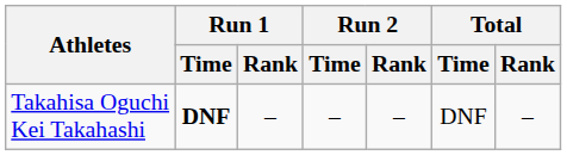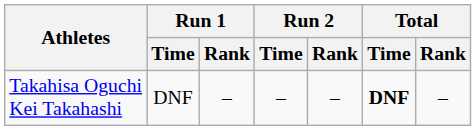 <table class="wikitable" border="1" style="font-size:90%">
 <tr>
 <th rowspan="2">Athletes</th>
 <th colspan="2">Run 1</th>
 <th colspan="2">Run 2</th>
 <th colspan="2">Total</th>
 </tr>
 <tr>
 <th>Time</th>
 <th>Rank</th>
 <th>Time</th>
 <th>Rank</th>
 <th>Time</th>
 <th>Rank</th>
 </tr>
 <tr>
 <td><a href='#'>Takahisa Oguchi</a><br><a href='#'>Kei Takahashi</a></td>
-<td align="center"><strong>DNF</strong></td>
+<td align="center">DNF</td>
 <td align="center">–</td>
 <td align="center">–</td>
 <td align="center">–</td>
-<td align="center">DNF</td>
+<td align="center"><strong>DNF</strong></td>
 <td align="center">–</td>
 </tr>
 </table>
